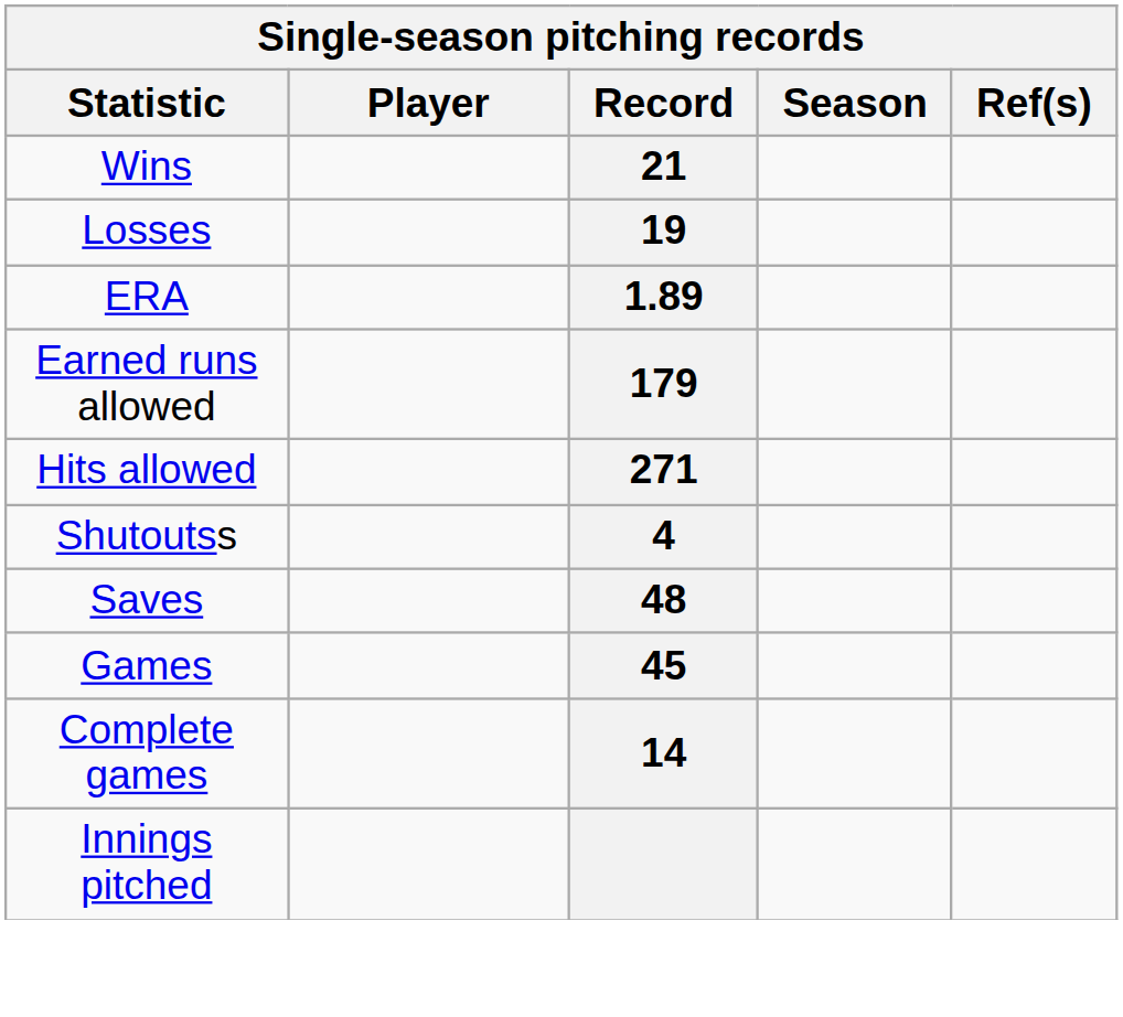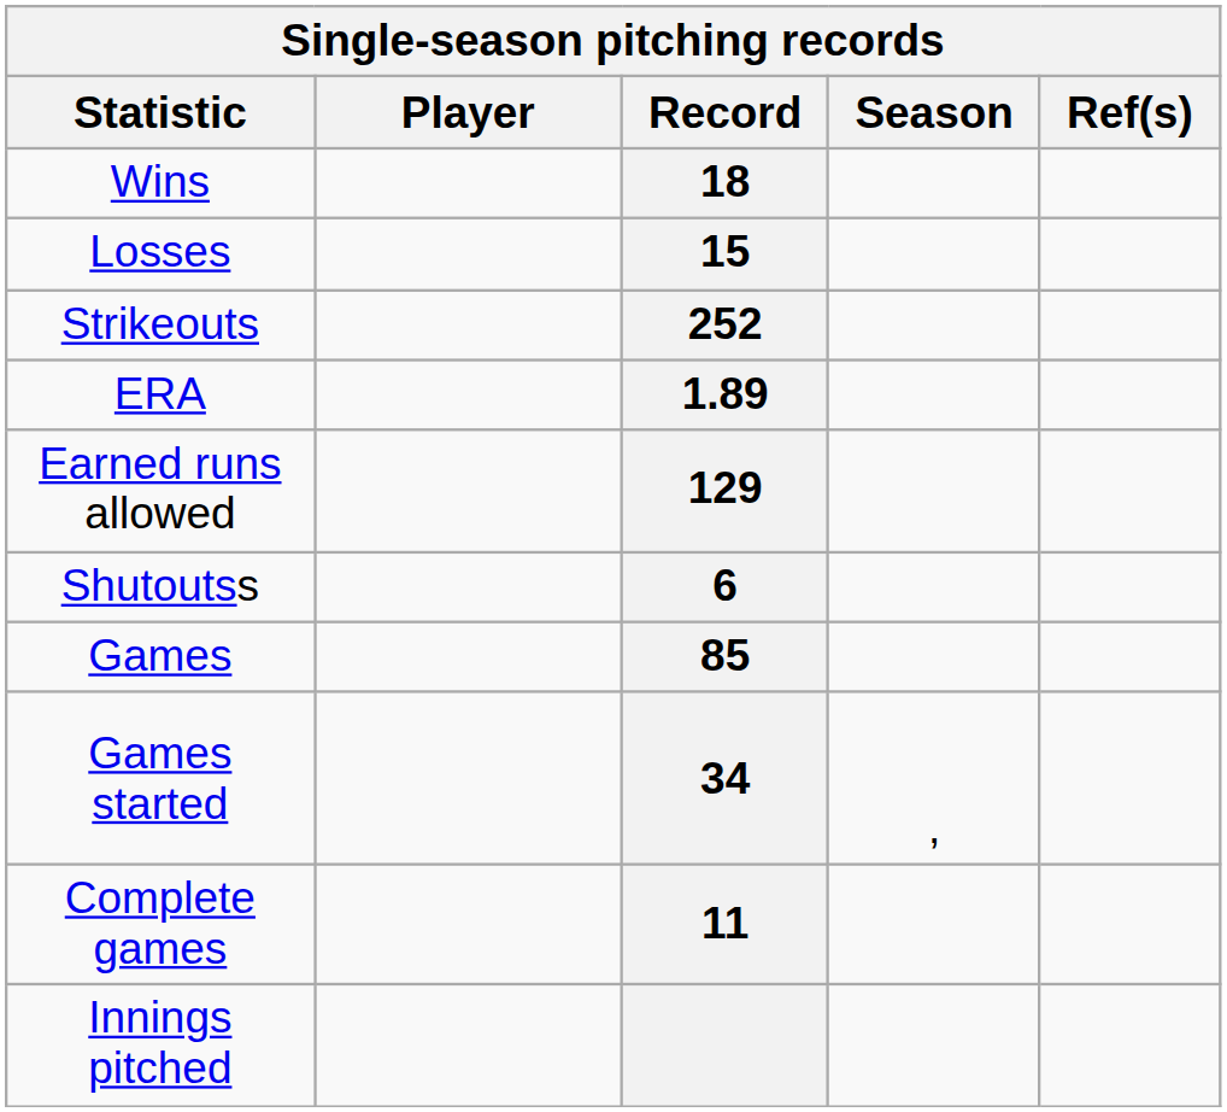 <table class="wikitable" style="text-align:center" width="70%">
 <tr>
 <th colspan=5>Single-season pitching records</th>
 </tr>
 <tr>
 <th scope="col" width=20%>Statistic</th>
 <th scope="col" width=20%>Player</th>
 <th scope="col" width=10% class="unsortable">Record</th>
 <th scope="col" width=10%>Season</th>
 <th scope="col" width=10% class="unsortable">Ref(s)</th>
 </tr>
 <tr>
 <td><a href='#'>Wins</a></td>
 <td></td>
-<th scope="row">21</th>
+<th scope="row">18</th>
 <td></td>
 <td></td>
 </tr>
 <tr>
 <td><a href='#'>Losses</a></td>
 <td></td>
-<th scope="row">19</th>
+<th scope="row">15</th>
+<td></td>
+<td></td>
+</tr>
+<tr>
+<td><a href='#'>Strikeouts</a></td>
+<td></td>
+<th scope="row">252</th>
 <td></td>
 <td></td>
 </tr>
 <tr>
 <td><a href='#'>ERA</a></td>
 <td></td>
 <th scope="row">1.89</th>
 <td></td>
 <td></td>
 </tr>
 <tr>
 <td><a href='#'>Earned runs</a> allowed</td>
 <td></td>
-<th scope="row">179</th>
-<td></td>
-<td></td>
-</tr>
-<tr>
-<td><a href='#'>Hits allowed</a></td>
-<td></td>
-<th scope="row">271</th>
+<th scope="row">129</th>
 <td></td>
 <td></td>
 </tr>
 <tr>
 <td><a href='#'>Shutouts</a>s</td>
 <td></td>
-<th scope="row">4</th>
-<td></td>
-<td></td>
-</tr>
-<tr>
-<td><a href='#'>Saves</a></td>
-<td></td>
-<th scope="row">48</th>
+<th scope="row">6</th>
 <td></td>
 <td></td>
 </tr>
 <tr>
 <td><a href='#'>Games</a></td>
 <td></td>
-<th scope="row">45</th>
+<th scope="row">85</th>
 <td></td>
+<td></td>
+</tr>
+<tr>
+<td><a href='#'>Games started</a></td>
+<td></td>
+<th scope="row">34</th>
+<td><br><br>, </td>
 <td></td>
 </tr>
 <tr>
 <td><a href='#'>Complete games</a></td>
 <td></td>
-<th scope="row">14</th>
+<th scope="row">11</th>
 <td></td>
 <td></td>
 </tr>
 <tr>
 <td><a href='#'>Innings pitched</a></td>
 <td></td>
 <th scope="row"></th>
 <td></td>
 <td></td>
 </tr>
 </table>
